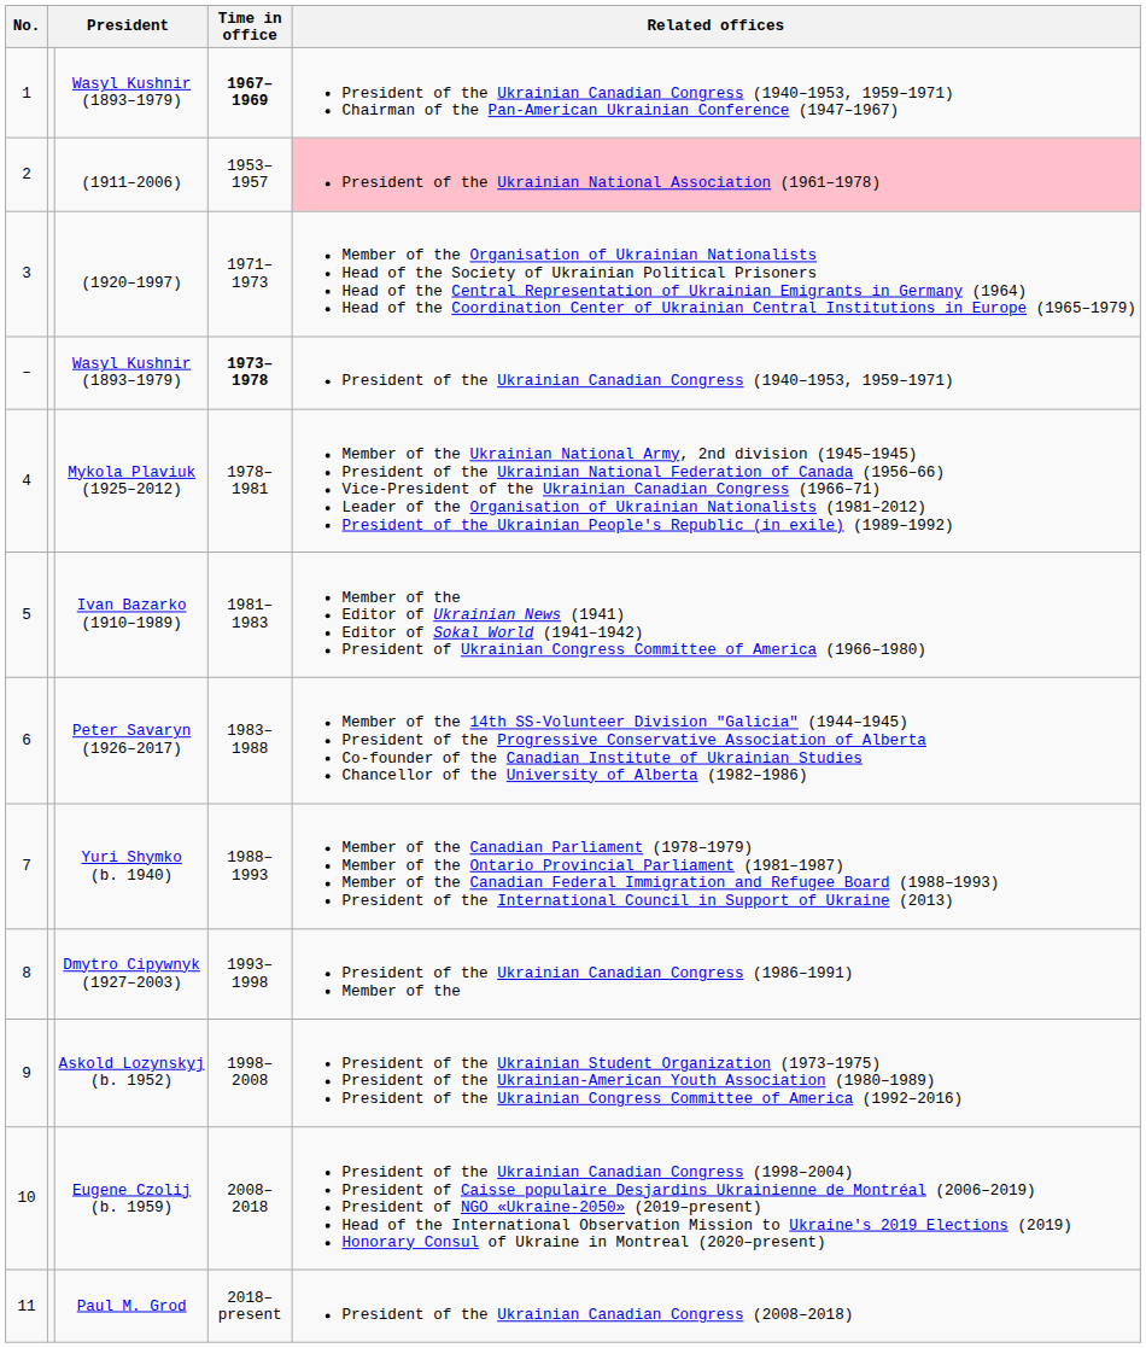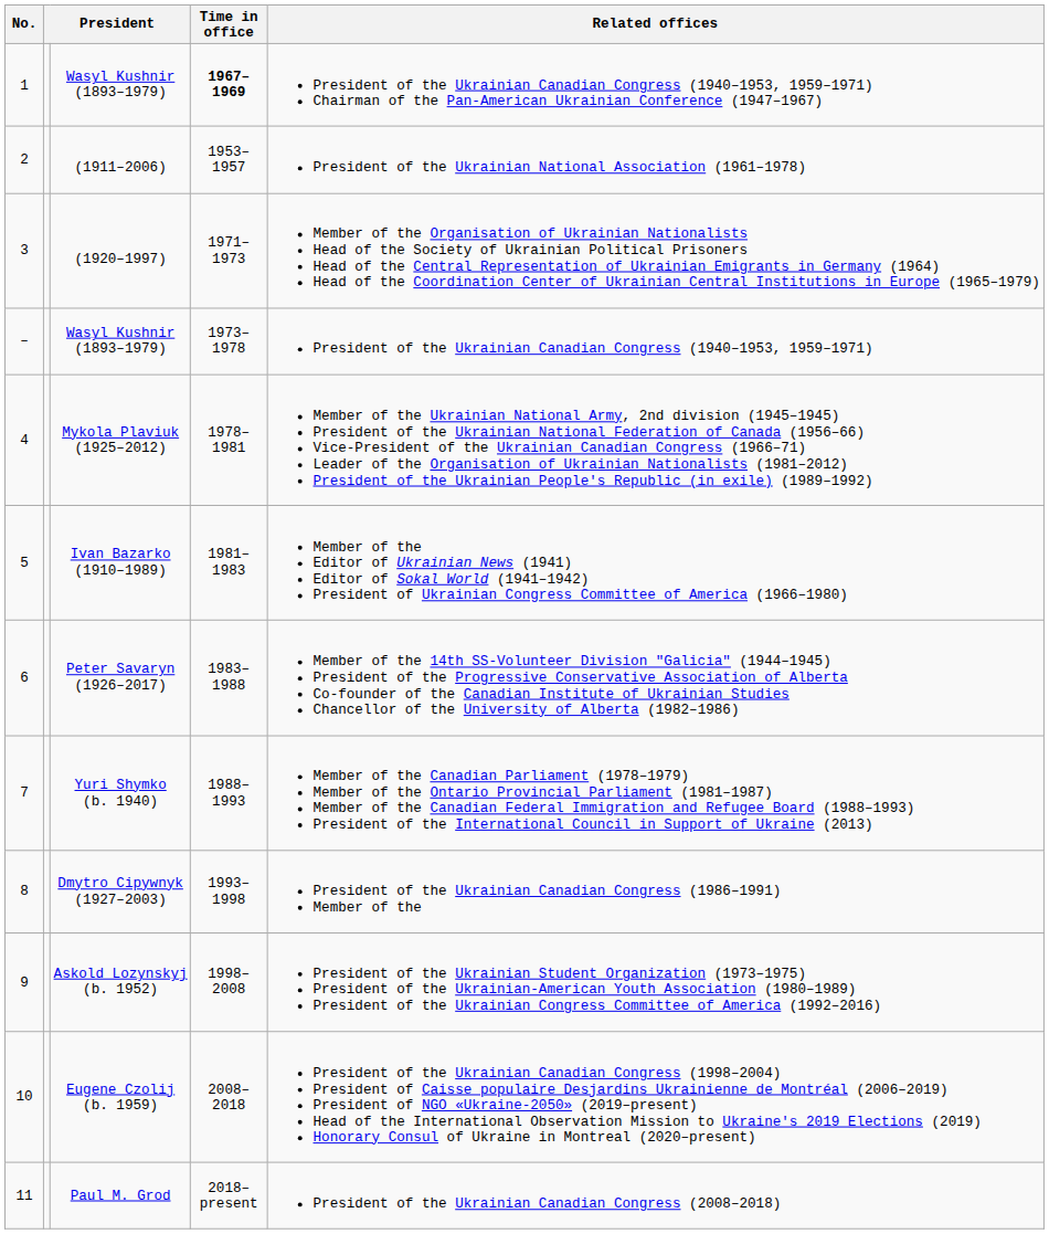 <table class="wikitable" style="text-align:center">
 <tr>
 <th width="30">No.</th>
 <th colspan="2">President</th>
 <th>Time in office</th>
 <th>Related offices</th>
 </tr>
 <tr>
 <td>1</td>
 <td></td>
 <td><a href='#'>Wasyl Kushnir</a><br>(1893–1979)</td>
 <td width="65"><strong>1967–1969</strong></td>
 <td style="text-align:left"><br><ul><li>President of the <a href='#'>Ukrainian Canadian Congress</a> (1940–1953, 1959–1971)</li><li>Chairman of the <a href='#'>Pan-American Ukrainian Conference</a> (1947–1967)</li></ul></td>
 </tr>
 <tr>
 <td>2</td>
 <td></td>
 <td><br>(1911–2006)</td>
 <td>1953–1957</td>
-<td style="background: pink; text-align:left"><br><ul><li>President of the <a href='#'>Ukrainian National Association</a> (1961–1978)</li></ul></td>
+<td style="text-align:left"><br><ul><li>President of the <a href='#'>Ukrainian National Association</a> (1961–1978)</li></ul></td>
 </tr>
 <tr>
 <td>3</td>
 <td></td>
 <td><br>(1920–1997)</td>
 <td>1971–1973</td>
 <td style="text-align:left"><br><ul><li>Member of the <a href='#'>Organisation of Ukrainian Nationalists</a></li><li>Head of the Society of Ukrainian Political Prisoners</li><li>Head of the <a href='#'>Central Representation of Ukrainian Emigrants in Germany</a> (1964)</li><li>Head of the <a href='#'>Coordination Center of Ukrainian Central Institutions in Europe</a> (1965–1979)</li></ul></td>
 </tr>
 <tr>
 <td>–</td>
 <td></td>
 <td><a href='#'>Wasyl Kushnir</a><br>(1893–1979)</td>
-<td><strong>1973–1978</strong></td>
+<td>1973–1978</td>
 <td style="text-align:left"><br><ul><li>President of the <a href='#'>Ukrainian Canadian Congress</a> (1940–1953, 1959–1971)</li></ul></td>
 </tr>
 <tr>
 <td>4</td>
 <td></td>
 <td><a href='#'>Mykola Plaviuk</a><br>(1925–2012)</td>
 <td>1978–1981</td>
 <td style="text-align:left"><br><ul><li>Member of the <a href='#'>Ukrainian National Army</a>, 2nd division (1945–1945)</li><li>President of the <a href='#'>Ukrainian National Federation of Canada</a> (1956–66)</li><li>Vice-President of the <a href='#'>Ukrainian Canadian Congress</a> (1966–71)</li><li>Leader of the <a href='#'>Organisation of Ukrainian Nationalists</a> (1981–2012)</li><li><a href='#'>President of the Ukrainian People's Republic (in exile)</a> (1989–1992)</li></ul></td>
 </tr>
 <tr>
 <td>5</td>
 <td></td>
 <td><a href='#'>Ivan Bazarko</a><br>(1910–1989)</td>
 <td>1981–1983</td>
 <td style="text-align:left"><br><ul><li>Member of the </li><li>Editor of <em><a href='#'>Ukrainian News</a></em> (1941)</li><li>Editor of <em><a href='#'>Sokal World</a></em> (1941–1942)</li><li>President of <a href='#'>Ukrainian Congress Committee of America</a> (1966–1980)</li></ul></td>
 </tr>
 <tr>
 <td>6</td>
 <td></td>
 <td><a href='#'>Peter Savaryn</a><br>(1926–2017)</td>
 <td>1983–1988</td>
 <td style="text-align:left"><br><ul><li>Member of the <a href='#'>14th SS-Volunteer Division "Galicia"</a> (1944–1945)</li><li>President of the <a href='#'>Progressive Conservative Association of Alberta</a></li><li>Co-founder of the <a href='#'>Canadian Institute of Ukrainian Studies</a></li><li>Chancellor of the <a href='#'>University of Alberta</a> (1982–1986)</li></ul></td>
 </tr>
 <tr>
 <td>7</td>
 <td></td>
 <td><a href='#'>Yuri Shymko</a><br>(b. 1940)</td>
 <td>1988–1993</td>
 <td style="text-align:left"><br><ul><li>Member of the <a href='#'>Canadian Parliament</a> (1978–1979)</li><li>Member of the <a href='#'>Ontario Provincial Parliament</a> (1981–1987)</li><li>Member of the <a href='#'>Canadian Federal Immigration and Refugee Board</a> (1988–1993)</li><li>President of the <a href='#'>International Council in Support of Ukraine</a> (2013)</li></ul></td>
 </tr>
 <tr>
 <td>8</td>
 <td></td>
 <td><a href='#'>Dmytro Cipywnyk</a><br>(1927–2003)</td>
 <td>1993–1998</td>
 <td style="text-align:left"><br><ul><li>President of the <a href='#'>Ukrainian Canadian Congress</a> (1986–1991)</li><li>Member of the </li></ul></td>
 </tr>
 <tr>
 <td>9</td>
 <td></td>
 <td><a href='#'>Askold Lozynskyj</a><br>(b. 1952)</td>
 <td>1998–2008</td>
 <td style="text-align:left"><br><ul><li>President of the <a href='#'>Ukrainian Student Organization</a> (1973–1975)</li><li>President of the <a href='#'>Ukrainian-American Youth Association</a> (1980–1989)</li><li>President of the <a href='#'>Ukrainian Congress Committee of America</a> (1992–2016)</li></ul></td>
 </tr>
 <tr>
 <td>10</td>
 <td></td>
 <td><a href='#'>Eugene Czolij</a><br>(b. 1959)</td>
 <td>2008–2018</td>
 <td style="text-align:left"><br><ul><li>President of the <a href='#'>Ukrainian Canadian Congress</a> (1998–2004)</li><li>President of <a href='#'>Caisse populaire Desjardins Ukrainienne de Montréal</a> (2006–2019)</li><li>President of <a href='#'>NGO «Ukraine-2050»</a> (2019–present)</li><li>Head of the International Observation Mission to <a href='#'>Ukraine's 2019 Elections</a> (2019)</li><li><a href='#'>Honorary Consul</a> of Ukraine in Montreal (2020–present)</li></ul></td>
 </tr>
 <tr>
 <td>11</td>
 <td></td>
 <td><a href='#'>Paul M. Grod</a></td>
 <td>2018–present</td>
 <td style="text-align:left"><br><ul><li>President of the <a href='#'>Ukrainian Canadian Congress</a> (2008–2018)</li></ul></td>
 </tr>
 </table>
